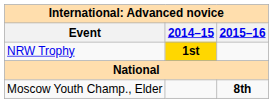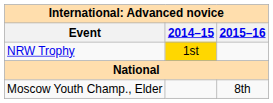 <table class="wikitable" style="text-align:center">
 <tr>
 <th style="background-color: #ffdead; " colspan=3 align=center>International: Advanced novice</th>
 </tr>
 <tr>
 <th>Event</th>
 <th><a href='#'>2014–15</a></th>
 <th><a href='#'>2015–16</a></th>
 </tr>
 <tr>
 <td align=left><a href='#'>NRW Trophy</a></td>
-<td bgcolor=gold><strong>1st</strong></td>
+<td bgcolor=gold>1st</td>
 <td></td>
 </tr>
 <tr>
 <th colspan="6" style="background-color: #ffdead; " align="center">National</th>
 </tr>
 <tr>
 <td align=left>Moscow Youth Champ., Elder</td>
 <td></td>
-<td><strong>8th</strong></td>
+<td>8th</td>
 </tr>
 </table>
